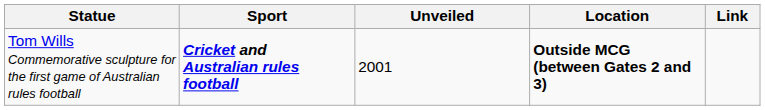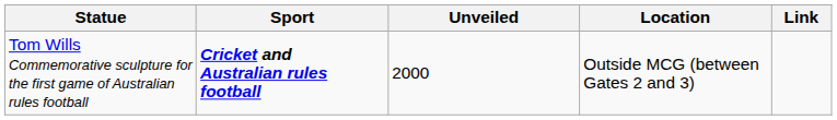 <table class="wikitable sortable">
 <tr>
 <th width=175>Statue</th>
 <th width=175>Sport</th>
 <th width=175>Unveiled</th>
 <th width=175>Location</th>
 <th width=50>Link</th>
 </tr>
 <tr>
 <td><a href='#'>Tom Wills</a><br><small><em>Commemorative sculpture for the first game of Australian rules football</em></small></td>
 <td><strong><em><a href='#'>Cricket</a> and<br><a href='#'>Australian rules football</a></em></strong></td>
-<td>2001</td>
-<td><strong>Outside MCG (between Gates 2 and 3)</strong></td>
+<td>2000</td>
+<td>Outside MCG (between Gates 2 and 3)</td>
 <td></td>
 </tr>
 </table>
